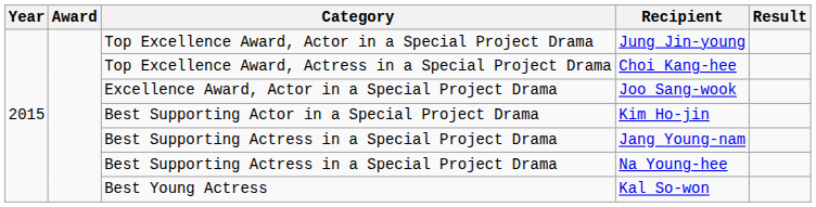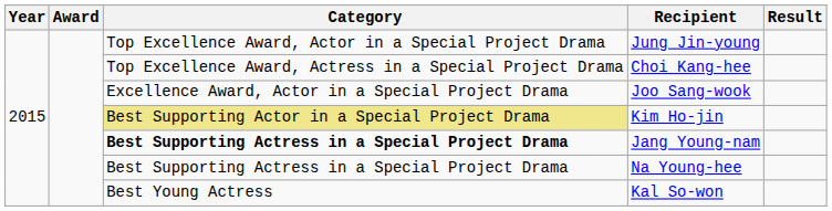 <table class="wikitable">
 <tr>
 <th>Year</th>
 <th>Award</th>
 <th>Category</th>
 <th>Recipient</th>
 <th>Result</th>
 </tr>
 <tr>
 <td rowspan=7>2015</td>
 <td rowspan=7></td>
 <td>Top Excellence Award, Actor in a Special Project Drama</td>
 <td><a href='#'>Jung Jin-young</a></td>
 <td></td>
 </tr>
 <tr>
 <td>Top Excellence Award, Actress in a Special Project Drama</td>
 <td><a href='#'>Choi Kang-hee</a></td>
 <td></td>
 </tr>
 <tr>
 <td>Excellence Award, Actor in a Special Project Drama</td>
 <td><a href='#'>Joo Sang-wook</a></td>
 <td></td>
 </tr>
 <tr>
-<td>Best Supporting Actor in a Special Project Drama</td>
+<td style="background: khaki;">Best Supporting Actor in a Special Project Drama</td>
 <td><a href='#'>Kim Ho-jin</a></td>
 <td></td>
 </tr>
 <tr>
-<td>Best Supporting Actress in a Special Project Drama</td>
+<td><strong>Best Supporting Actress in a Special Project Drama</strong></td>
 <td><a href='#'>Jang Young-nam</a></td>
 <td></td>
 </tr>
 <tr>
 <td>Best Supporting Actress in a Special Project Drama</td>
 <td><a href='#'>Na Young-hee</a></td>
 <td></td>
 </tr>
 <tr>
 <td>Best Young Actress</td>
 <td><a href='#'>Kal So-won</a></td>
 <td></td>
 </tr>
 </table>
